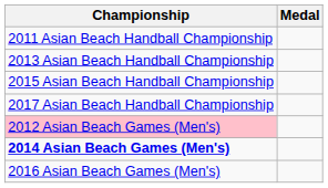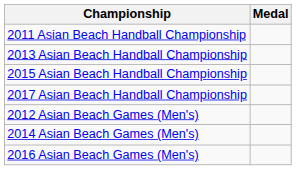 <table class="wikitable">
 <tr>
 <th>Championship</th>
 <th>Medal</th>
 </tr>
 <tr>
 <td><a href='#'>2011 Asian Beach Handball Championship</a></td>
 <td></td>
 </tr>
 <tr>
 <td><a href='#'>2013 Asian Beach Handball Championship</a></td>
 <td></td>
 </tr>
 <tr>
 <td><a href='#'>2015 Asian Beach Handball Championship</a></td>
 <td></td>
 </tr>
 <tr>
 <td><a href='#'>2017 Asian Beach Handball Championship</a></td>
 <td></td>
 </tr>
 <tr>
-<td style="background: pink;"><a href='#'>2012 Asian Beach Games (Men's)</a></td>
+<td><a href='#'>2012 Asian Beach Games (Men's)</a></td>
 <td></td>
 </tr>
 <tr>
-<td><strong><a href='#'>2014 Asian Beach Games (Men's)</a></strong></td>
+<td><a href='#'>2014 Asian Beach Games (Men's)</a></td>
 <td></td>
 </tr>
 <tr>
 <td><a href='#'>2016 Asian Beach Games (Men's)</a></td>
 <td></td>
 </tr>
 </table>
